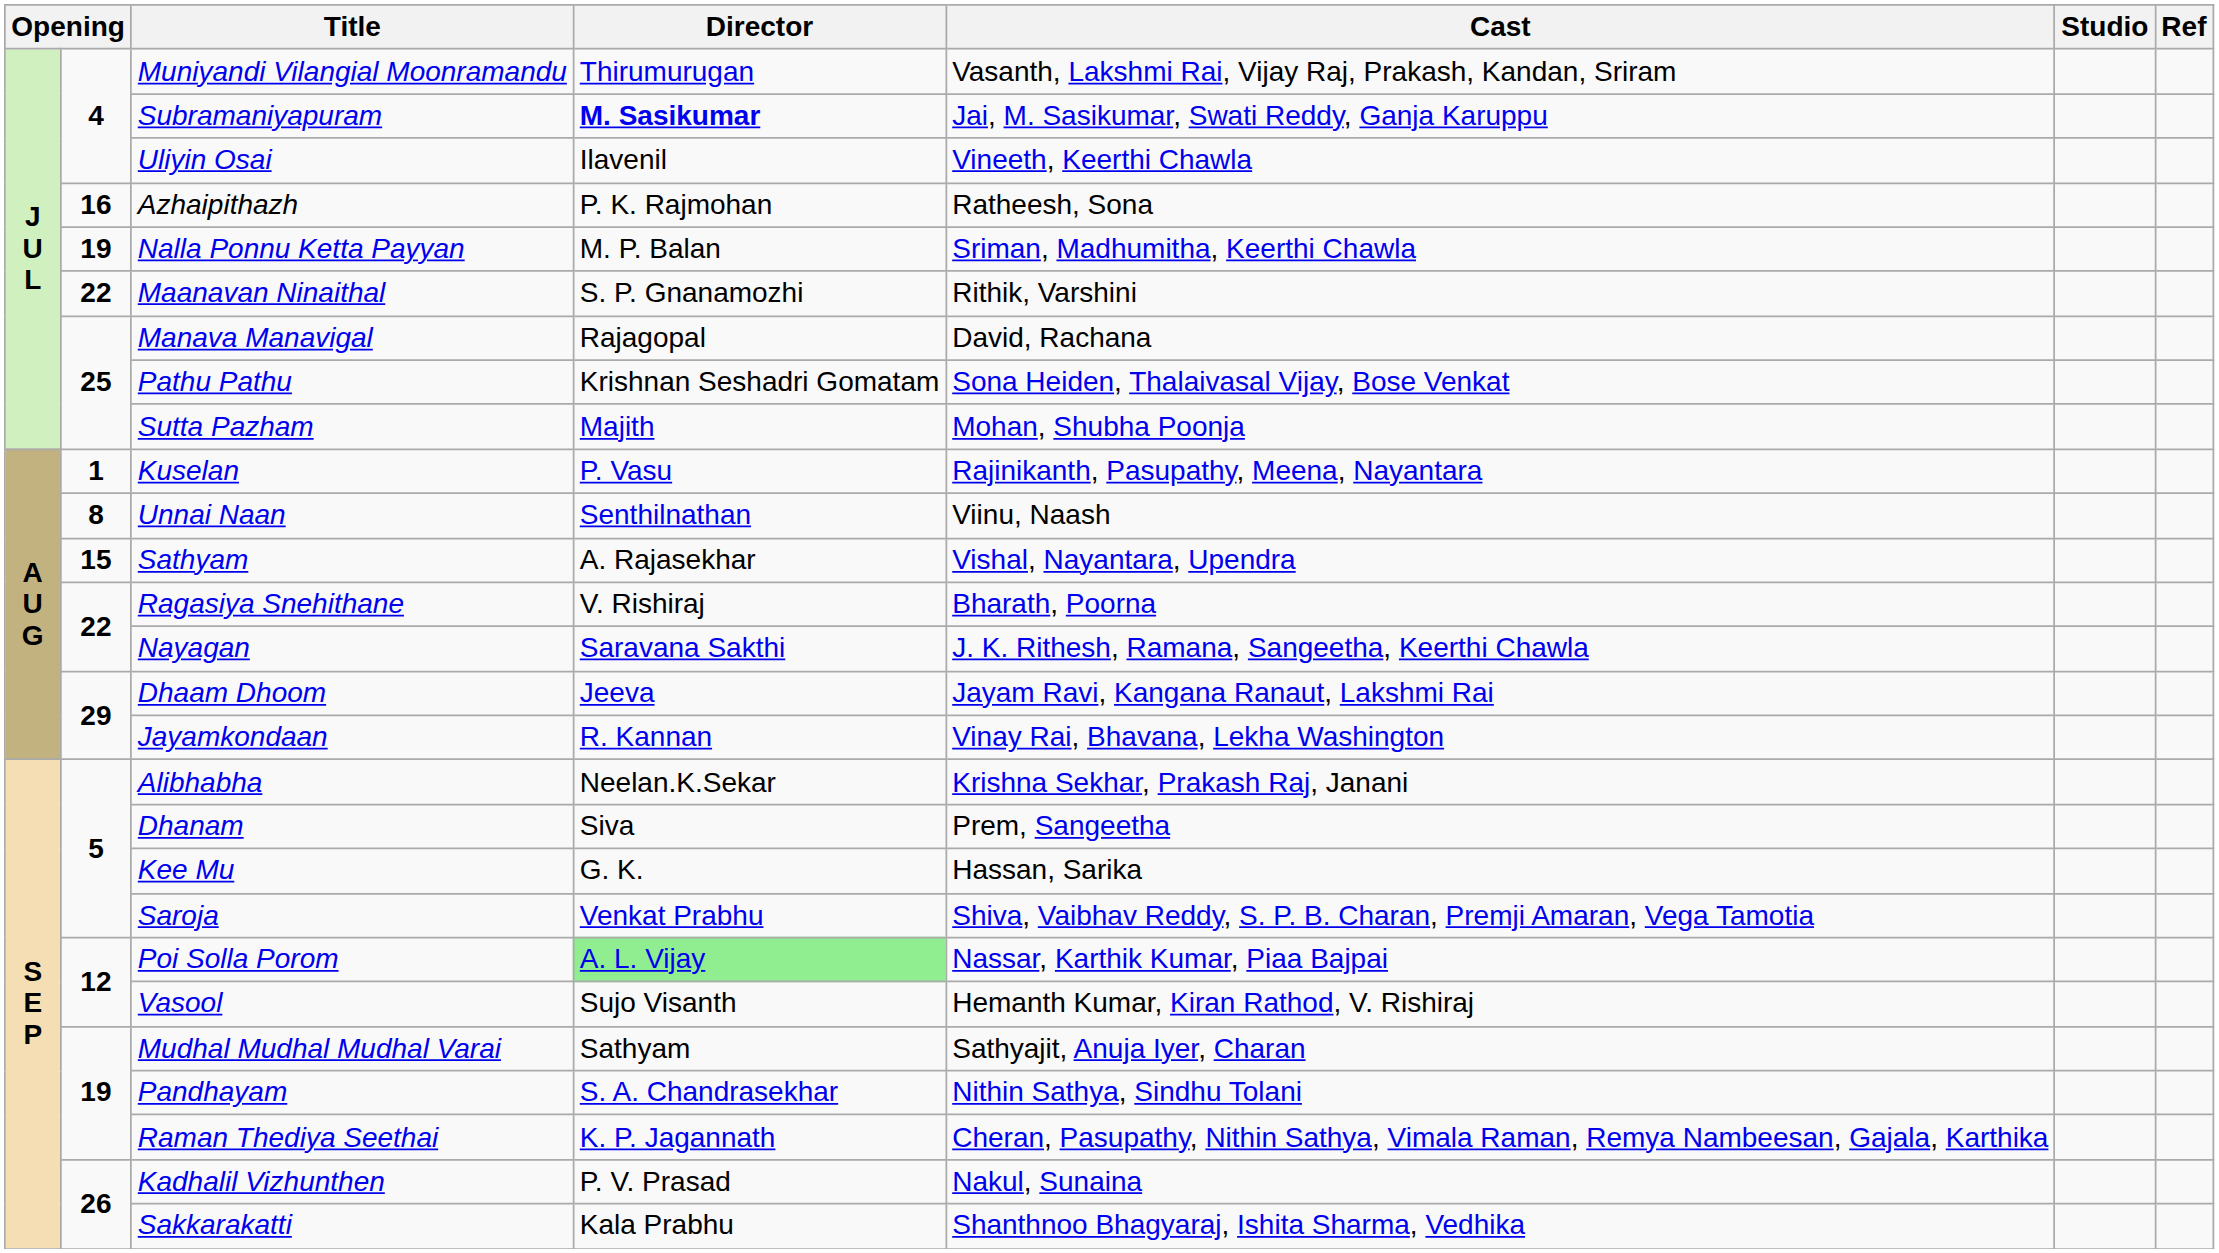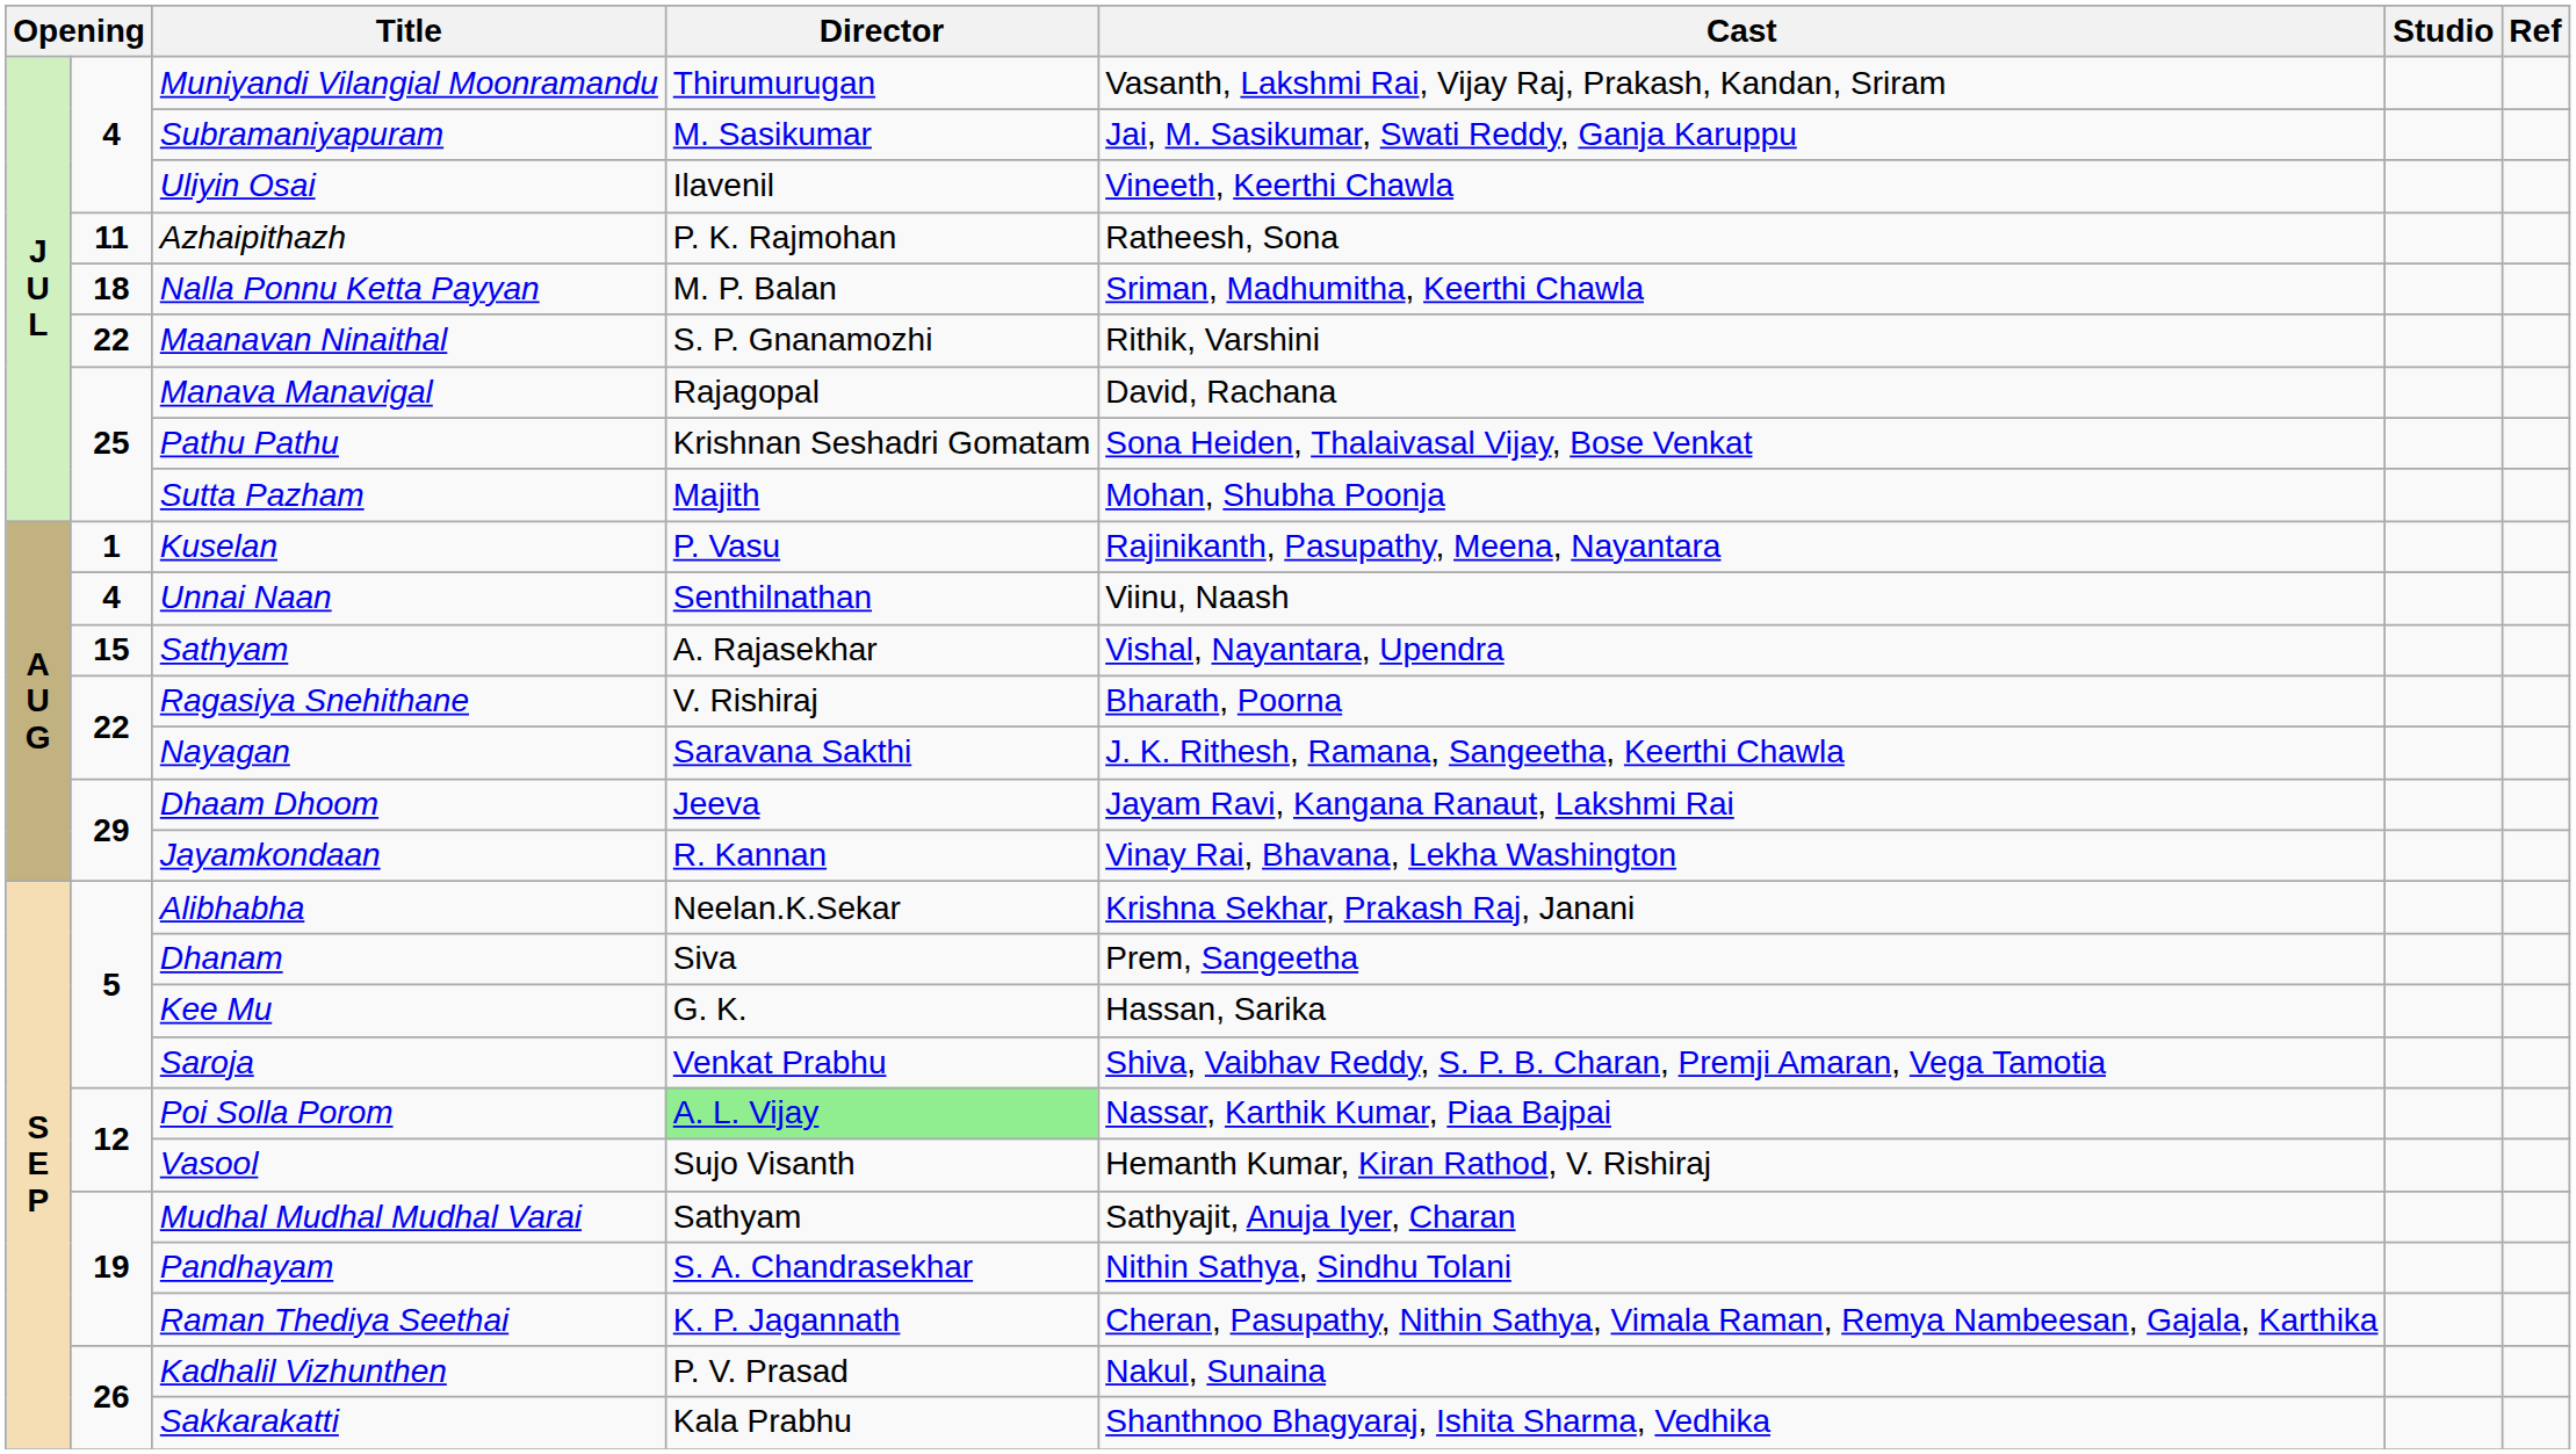 <table class="wikitable">
 <tr>
 <th colspan="2">Opening</th>
 <th>Title</th>
 <th>Director</th>
 <th>Cast</th>
 <th>Studio</th>
 <th>Ref</th>
 </tr>
 <tr July!>
 <td rowspan="9" valign="center" align="center" style="background: #d0f0c0; textcolor:#000;"><strong>J<br>U<br>L</strong></td>
 <td rowspan="3" align="center"><strong>4</strong></td>
 <td><em><a href='#'>Muniyandi Vilangial Moonramandu</a></em></td>
 <td><a href='#'>Thirumurugan</a></td>
 <td>Vasanth, <a href='#'>Lakshmi Rai</a>, Vijay Raj, Prakash, Kandan, Sriram</td>
 <td></td>
 <td></td>
 </tr>
 <tr>
 <td><em><a href='#'>Subramaniyapuram</a></em></td>
-<td><strong><a href='#'>M. Sasikumar</a></strong></td>
+<td><a href='#'>M. Sasikumar</a></td>
 <td><a href='#'>Jai</a>, <a href='#'>M. Sasikumar</a>, <a href='#'>Swati Reddy</a>,  <a href='#'>Ganja Karuppu</a></td>
 <td></td>
 <td></td>
 </tr>
 <tr>
 <td><em><a href='#'>Uliyin Osai</a></em></td>
 <td>Ilavenil</td>
 <td><a href='#'>Vineeth</a>, <a href='#'>Keerthi Chawla</a></td>
 <td></td>
 <td></td>
 </tr>
 <tr>
-<td rowspan="1" align="center"><strong>16</strong></td>
+<td rowspan="1" align="center"><strong>11</strong></td>
 <td><em>Azhaipithazh</em></td>
 <td>P. K. Rajmohan</td>
 <td>Ratheesh, Sona</td>
 <td></td>
 <td></td>
 </tr>
 <tr>
-<td rowspan="1" align="center"><strong>19</strong></td>
+<td rowspan="1" align="center"><strong>18</strong></td>
 <td><em><a href='#'>Nalla Ponnu Ketta Payyan</a></em></td>
 <td>M. P. Balan</td>
 <td><a href='#'>Sriman</a>, <a href='#'>Madhumitha</a>, <a href='#'>Keerthi Chawla</a></td>
 <td></td>
 <td></td>
 </tr>
 <tr>
 <td rowspan="1" align="center"><strong>22</strong></td>
 <td><em><a href='#'>Maanavan Ninaithal</a></em></td>
 <td>S. P. Gnanamozhi</td>
 <td>Rithik, Varshini</td>
 <td></td>
 <td></td>
 </tr>
 <tr>
 <td rowspan="3" align="center"><strong>25</strong></td>
 <td><em><a href='#'>Manava Manavigal</a></em></td>
 <td>Rajagopal</td>
 <td>David, Rachana</td>
 <td></td>
 <td></td>
 </tr>
 <tr>
 <td><em><a href='#'>Pathu Pathu</a></em></td>
 <td>Krishnan Seshadri Gomatam</td>
 <td><a href='#'>Sona Heiden</a>, <a href='#'>Thalaivasal Vijay</a>, <a href='#'>Bose Venkat</a></td>
 <td></td>
 <td></td>
 </tr>
 <tr>
 <td><em><a href='#'>Sutta Pazham</a></em></td>
 <td><a href='#'>Majith</a></td>
 <td><a href='#'>Mohan</a>, <a href='#'>Shubha Poonja</a></td>
 <td></td>
 <td></td>
 </tr>
 <tr August!>
 <td rowspan="7" valign="center" align="center" style="background:#C2B280;"><strong>A<br>U<br>G</strong></td>
 <td rowspan="1" align="center"><strong>1</strong></td>
 <td><em><a href='#'>Kuselan</a></em></td>
 <td><a href='#'>P. Vasu</a></td>
 <td><a href='#'>Rajinikanth</a>, <a href='#'>Pasupathy</a>, <a href='#'>Meena</a>, <a href='#'>Nayantara</a></td>
 <td></td>
 <td></td>
 </tr>
 <tr>
-<td rowspan="1" align="center"><strong>8</strong></td>
+<td rowspan="1" align="center"><strong>4</strong></td>
 <td><em><a href='#'>Unnai Naan</a></em></td>
 <td><a href='#'>Senthilnathan</a></td>
 <td>Viinu, Naash</td>
 <td></td>
 <td></td>
 </tr>
 <tr>
 <td rowspan="1" align="center"><strong>15</strong></td>
 <td><em><a href='#'>Sathyam</a></em></td>
 <td>A. Rajasekhar</td>
 <td><a href='#'>Vishal</a>, <a href='#'>Nayantara</a>, <a href='#'>Upendra</a></td>
 <td></td>
 <td></td>
 </tr>
 <tr>
 <td rowspan="2" align="center"><strong>22</strong></td>
 <td><em><a href='#'>Ragasiya Snehithane</a></em></td>
 <td>V. Rishiraj</td>
 <td><a href='#'>Bharath</a>, <a href='#'>Poorna</a></td>
 <td></td>
 <td></td>
 </tr>
 <tr>
 <td><em><a href='#'>Nayagan</a></em></td>
 <td><a href='#'>Saravana Sakthi</a></td>
 <td><a href='#'>J. K. Rithesh</a>, <a href='#'>Ramana</a>, <a href='#'>Sangeetha</a>, <a href='#'>Keerthi Chawla</a></td>
 <td></td>
 <td></td>
 </tr>
 <tr>
 <td rowspan="2" align="center"><strong>29</strong></td>
 <td><em><a href='#'>Dhaam Dhoom</a></em></td>
 <td><a href='#'>Jeeva</a></td>
 <td><a href='#'>Jayam Ravi</a>, <a href='#'>Kangana Ranaut</a>, <a href='#'>Lakshmi Rai</a></td>
 <td></td>
 <td></td>
 </tr>
 <tr>
 <td><em><a href='#'>Jayamkondaan</a></em></td>
 <td><a href='#'>R. Kannan</a></td>
 <td><a href='#'>Vinay Rai</a>, <a href='#'>Bhavana</a>, <a href='#'>Lekha Washington</a></td>
 <td></td>
 <td></td>
 </tr>
 <tr September!>
 <td rowspan="11" valign="center" align="center" style="background:#F5DEB3; textcolor:#000;"><strong>S<br>E<br>P</strong></td>
 <td rowspan="4" align="center"><strong>5</strong></td>
 <td><em><a href='#'>Alibhabha</a></em></td>
 <td>Neelan.K.Sekar</td>
 <td><a href='#'>Krishna Sekhar</a>, <a href='#'>Prakash Raj</a>, Janani</td>
 <td></td>
 <td></td>
 </tr>
 <tr>
 <td><em><a href='#'>Dhanam</a></em></td>
 <td>Siva</td>
 <td>Prem, <a href='#'>Sangeetha</a></td>
 <td></td>
 <td></td>
 </tr>
 <tr>
 <td><em><a href='#'>Kee Mu</a></em></td>
 <td>G. K.</td>
 <td>Hassan, Sarika</td>
 <td></td>
 <td></td>
 </tr>
 <tr>
 <td><em><a href='#'>Saroja</a></em></td>
 <td><a href='#'>Venkat Prabhu</a></td>
 <td><a href='#'>Shiva</a>, <a href='#'>Vaibhav Reddy</a>, <a href='#'>S. P. B. Charan</a>, <a href='#'>Premji Amaran</a>, <a href='#'>Vega Tamotia</a></td>
 <td></td>
 <td></td>
 </tr>
 <tr>
 <td rowspan="2" align="center"><strong>12</strong></td>
 <td><em><a href='#'>Poi Solla Porom</a></em></td>
 <td style="background: lightgreen;"><a href='#'>A. L. Vijay</a></td>
 <td><a href='#'>Nassar</a>, <a href='#'>Karthik Kumar</a>, <a href='#'>Piaa Bajpai</a></td>
 <td></td>
 <td></td>
 </tr>
 <tr>
 <td><em><a href='#'>Vasool</a></em></td>
 <td>Sujo Visanth</td>
 <td>Hemanth Kumar, <a href='#'>Kiran Rathod</a>, V. Rishiraj</td>
 <td></td>
 <td></td>
 </tr>
 <tr>
 <td rowspan="3" align="center"><strong>19</strong></td>
 <td><em><a href='#'>Mudhal Mudhal Mudhal Varai</a></em></td>
 <td>Sathyam</td>
 <td>Sathyajit, <a href='#'>Anuja Iyer</a>, <a href='#'>Charan</a></td>
 <td></td>
 <td></td>
 </tr>
 <tr>
 <td><em><a href='#'>Pandhayam</a></em></td>
 <td><a href='#'>S. A. Chandrasekhar</a></td>
 <td><a href='#'>Nithin Sathya</a>, <a href='#'>Sindhu Tolani</a></td>
 <td></td>
 <td></td>
 </tr>
 <tr>
 <td><em><a href='#'>Raman Thediya Seethai</a></em></td>
 <td><a href='#'>K. P. Jagannath</a></td>
 <td><a href='#'>Cheran</a>, <a href='#'>Pasupathy</a>, <a href='#'>Nithin Sathya</a>, <a href='#'>Vimala Raman</a>, <a href='#'>Remya Nambeesan</a>, <a href='#'>Gajala</a>, <a href='#'>Karthika</a></td>
 <td></td>
 <td></td>
 </tr>
 <tr>
 <td rowspan="2" align="center"><strong>26</strong></td>
 <td><em><a href='#'>Kadhalil Vizhunthen</a></em></td>
 <td>P. V. Prasad</td>
 <td><a href='#'>Nakul</a>, <a href='#'>Sunaina</a></td>
 <td></td>
 <td></td>
 </tr>
 <tr>
 <td><em><a href='#'>Sakkarakatti</a></em></td>
 <td>Kala Prabhu</td>
 <td><a href='#'>Shanthnoo Bhagyaraj</a>, <a href='#'>Ishita Sharma</a>, <a href='#'>Vedhika</a></td>
 <td></td>
 <td></td>
 </tr>
 </table>
